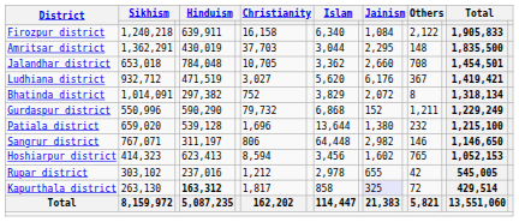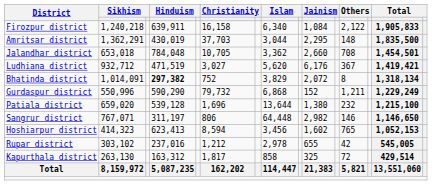 <table class="wikitable sortable mw-collapsible">
 <tr>
 <th rowspan="2"><a href='#'>District</a></th>
 <th colspan="2"><a href='#'>Sikhism</a> </th>
 <th colspan="2"><a href='#'>Hinduism</a> </th>
 <th colspan="2"><a href='#'>Christianity</a> </th>
 <th colspan="2"><a href='#'>Islam</a> </th>
 <th colspan="2"><a href='#'>Jainism</a> </th>
 <th colspan="2">Others</th>
 <th colspan="2">Total</th>
 </tr>
 <tr>
 <th><a href='#'></a></th>
 <th></th>
 <th></th>
 <th></th>
 <th></th>
 <th></th>
 <th></th>
 <th></th>
 <th></th>
 <th></th>
 <th></th>
 <th></th>
 <th></th>
 <th></th>
 </tr>
 <tr>
 <td><a href='#'>Firozpur district</a></td>
 <td>1,240,218</td>
 <td></td>
 <td>639,911</td>
 <td></td>
 <td>16,158</td>
 <td></td>
 <td>6,340</td>
 <td></td>
 <td>1,084</td>
 <td></td>
 <td>2,122</td>
 <td></td>
 <th>1,905,833</th>
 <th></th>
 </tr>
 <tr>
 <td><a href='#'>Amritsar district</a></td>
 <td>1,362,291</td>
 <td></td>
 <td>430,019</td>
 <td></td>
 <td>37,703</td>
 <td></td>
 <td>3,044</td>
 <td></td>
 <td>2,295</td>
 <td></td>
 <td>148</td>
 <td></td>
 <th>1,835,500</th>
 <th></th>
 </tr>
 <tr>
 <td><a href='#'>Jalandhar district</a></td>
 <td>653,018</td>
 <td></td>
 <td>784,048</td>
 <td></td>
 <td>10,705</td>
 <td></td>
 <td>3,362</td>
 <td></td>
 <td>2,660</td>
 <td></td>
 <td>708</td>
 <td></td>
 <th>1,454,501</th>
 <th></th>
 </tr>
 <tr>
 <td><a href='#'>Ludhiana district</a></td>
 <td>932,712</td>
 <td></td>
 <td>471,519</td>
 <td></td>
 <td>3,027</td>
 <td></td>
 <td>5,620</td>
 <td></td>
 <td>6,176</td>
 <td></td>
 <td>367</td>
 <td></td>
 <th>1,419,421</th>
 <th></th>
 </tr>
 <tr>
 <td><a href='#'>Bhatinda district</a></td>
 <td>1,014,091</td>
 <td></td>
-<td>297,382</td>
+<td><strong>297,382</strong></td>
 <td></td>
 <td>752</td>
 <td></td>
 <td>3,829</td>
 <td></td>
 <td>2,072</td>
 <td></td>
 <td>8</td>
 <td></td>
 <th>1,318,134</th>
 <th></th>
 </tr>
 <tr>
 <td><a href='#'>Gurdaspur district</a></td>
 <td>550,996</td>
 <td></td>
 <td>590,290</td>
 <td></td>
 <td>79,732</td>
 <td></td>
 <td>6,868</td>
 <td></td>
 <td>152</td>
 <td></td>
 <td>1,211</td>
 <td></td>
 <th>1,229,249</th>
 <th></th>
 </tr>
 <tr>
 <td><a href='#'>Patiala district</a></td>
 <td>659,020</td>
 <td></td>
 <td>539,128</td>
 <td></td>
 <td>1,696</td>
 <td></td>
 <td>13,644</td>
 <td></td>
 <td>1,380</td>
 <td></td>
 <td>232</td>
 <td></td>
 <th>1,215,100</th>
 <th></th>
 </tr>
 <tr>
 <td><a href='#'>Sangrur district</a></td>
 <td>767,071</td>
 <td></td>
 <td>311,197</td>
 <td></td>
 <td>806</td>
 <td></td>
 <td>64,448</td>
 <td></td>
 <td>2,982</td>
 <td></td>
 <td>146</td>
 <td></td>
 <th>1,146,650</th>
 <th></th>
 </tr>
 <tr>
 <td><a href='#'>Hoshiarpur district</a></td>
 <td>414,323</td>
 <td></td>
 <td>623,413</td>
 <td></td>
 <td>8,594</td>
 <td></td>
 <td>3,456</td>
 <td></td>
 <td>1,602</td>
 <td></td>
 <td>765</td>
 <td></td>
 <th>1,052,153</th>
 <th></th>
 </tr>
 <tr>
 <td><a href='#'>Rupar district</a></td>
 <td>303,102</td>
 <td></td>
 <td>237,016</td>
 <td></td>
 <td>1,212</td>
 <td></td>
 <td>2,978</td>
 <td></td>
 <td>655</td>
 <td></td>
 <td>42</td>
 <td></td>
 <th>545,005</th>
 <th></th>
 </tr>
 <tr>
 <td><a href='#'>Kapurthala district</a></td>
 <td>263,130</td>
 <td></td>
-<td><strong>163,312</strong></td>
+<td>163,312</td>
 <td></td>
 <td>1,817</td>
 <td></td>
 <td>858</td>
 <td></td>
-<td style="background: lavender;">325</td>
+<td>325</td>
 <td></td>
 <td>72</td>
 <td></td>
 <th>429,514</th>
 <th></th>
 </tr>
 <tr>
 <th>Total</th>
 <th>8,159,972</th>
 <th></th>
 <th>5,087,235</th>
 <th></th>
 <th>162,202</th>
 <th></th>
 <th>114,447</th>
 <th></th>
 <th>21,383</th>
 <th></th>
 <th>5,821</th>
 <th></th>
 <th>13,551,060</th>
 <th></th>
 </tr>
 <tr class="sortbottom">
 <td colspan="15"></td>
 </tr>
 </table>
